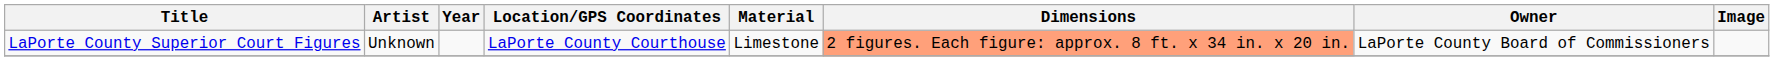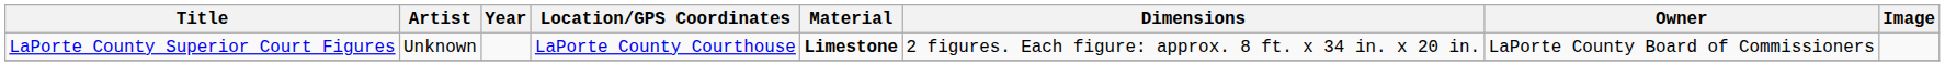 <table class="wikitable sortable">
 <tr>
 <th>Title</th>
 <th>Artist</th>
 <th>Year</th>
 <th>Location/GPS Coordinates</th>
 <th>Material</th>
 <th>Dimensions</th>
 <th>Owner</th>
 <th>Image</th>
 </tr>
 <tr>
 <td><a href='#'>LaPorte County Superior Court Figures</a></td>
 <td>Unknown</td>
 <td></td>
 <td><a href='#'>LaPorte County Courthouse</a></td>
-<td>Limestone</td>
-<td style="background: lightsalmon;">2 figures. Each figure: approx. 8 ft. x 34 in. x 20 in.</td>
+<td><strong>Limestone</strong></td>
+<td>2 figures. Each figure: approx. 8 ft. x 34 in. x 20 in.</td>
 <td>LaPorte County Board of Commissioners</td>
 <td></td>
 </tr>
 <tr>
 </tr>
 </table>
